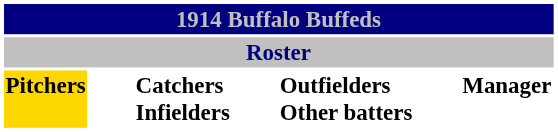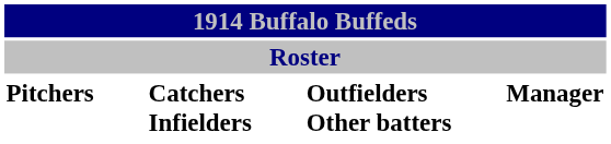 <table class="toccolours" style="font-size: 95%;">
 <tr>
 <th colspan="10" style="background-color: navy; color: #C0C0C0; text-align: center;">1914 Buffalo Buffeds</th>
 </tr>
 <tr>
 <td colspan="10" style="background-color: #C0C0C0; color: navy; text-align: center;"><strong>Roster</strong></td>
 </tr>
 <tr>
-<td valign="top" style="background: gold;"><strong>Pitchers</strong><br>          </td>
+<td valign="top"><strong>Pitchers</strong><br>          </td>
 <td width="25px"></td>
 <td valign="top"><strong>Catchers</strong><br>    <strong>Infielders</strong>        </td>
 <td width="25px"></td>
 <td valign="top"><strong>Outfielders</strong><br>       <strong>Other batters</strong> </td>
 <td width="25px"></td>
 <td valign="top"><strong>Manager</strong><br></td>
 </tr>
 </table>
